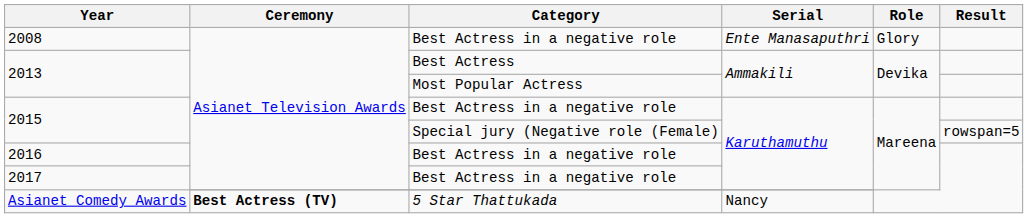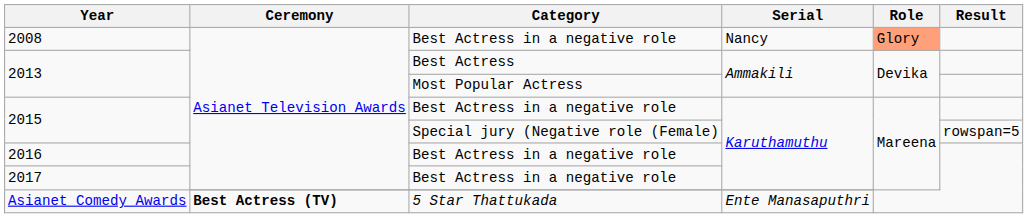 <table class="wikitable plainrowheaders">
 <tr>
 <th scope="col">Year</th>
 <th scope="col">Ceremony</th>
 <th scope="col">Category</th>
 <th scope="col">Serial</th>
 <th scope="col">Role</th>
 <th scope="col">Result</th>
 </tr>
 <tr>
 <td>2008</td>
 <td rowspan=7><a href='#'>Asianet Television Awards</a></td>
 <td>Best Actress in a negative role</td>
-<td><em>Ente Manasaputhri</em></td>
-<td>Glory</td>
+<td>Nancy</td>
+<td style="background: lightsalmon;">Glory</td>
 <td></td>
 </tr>
 <tr>
 <td rowspan=2>2013</td>
 <td>Best Actress</td>
 <td rowspan=2><em>Ammakili</em></td>
 <td rowspan=2>Devika</td>
 <td></td>
 </tr>
 <tr>
 <td>Most Popular Actress</td>
 <td></td>
 </tr>
 <tr>
 <td rowspan=2>2015</td>
 <td>Best Actress in a negative role</td>
 <td rowspan=4><em><a href='#'>Karuthamuthu</a></em></td>
 <td rowspan=4>Mareena</td>
 <td></td>
 </tr>
 <tr>
 <td>Special jury (Negative role (Female)</td>
 <td>rowspan=5 </td>
 </tr>
 <tr>
 <td>2016</td>
 <td>Best Actress in a negative role</td>
 </tr>
 <tr>
 <td Rowspan=2>2017</td>
 <td>Best Actress in a negative role</td>
 </tr>
 <tr>
 </tr>
 <tr>
 <td><a href='#'>Asianet Comedy Awards</a></td>
 <td><strong>Best Actress (TV)</strong></td>
 <td><em>5 Star Thattukada</em></td>
-<td>Nancy</td>
+<td><em>Ente Manasaputhri</em></td>
 </tr>
 </table>
